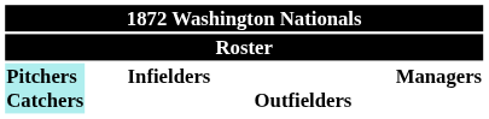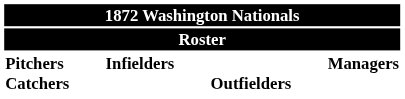 <table class="toccolours" style="font-size: 95%;">
 <tr>
 <th colspan="10" style="background-color: black; color:white; text-align: center;">1872 Washington Nationals</th>
 </tr>
 <tr>
 <td colspan="10" style="background-color:black; color: white; text-align: center;"><strong>Roster</strong></td>
 </tr>
 <tr>
-<td valign="top" style="background: paleturquoise;"><strong>Pitchers</strong><br> <strong>Catchers</strong> </td>
+<td valign="top"><strong>Pitchers</strong><br> <strong>Catchers</strong> </td>
 <td width="25px"></td>
 <td valign="top"><strong>Infielders</strong><br>     </td>
 <td width="25px"></td>
 <td valign="top"><br><strong>Outfielders</strong>      </td>
 <td width="25px"></td>
 <td valign="top"><strong>Managers</strong><br></td>
 </tr>
 </table>
